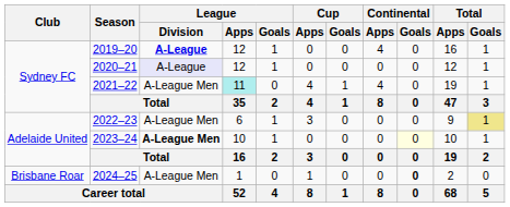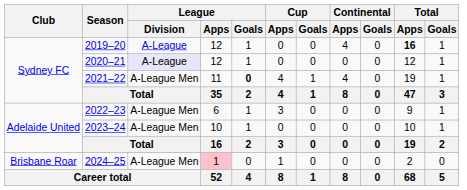 <table class="wikitable" border="1" style="font-size:100%; text-align: center;">
 <tr>
 <th rowspan="2">Club</th>
 <th rowspan="2">Season</th>
 <th colspan="3">League</th>
 <th colspan="2">Cup</th>
 <th colspan="2">Continental</th>
 <th colspan="2">Total</th>
 </tr>
 <tr>
 <th>Division</th>
 <th>Apps</th>
 <th>Goals</th>
 <th>Apps</th>
 <th>Goals</th>
 <th>Apps</th>
 <th>Goals</th>
 <th>Apps</th>
 <th>Goals</th>
 </tr>
 <tr>
 <td rowspan=4><a href='#'>Sydney FC</a></td>
 <td><a href='#'>2019–20</a></td>
-<td><strong><a href='#'>A-League</a></strong></td>
+<td><a href='#'>A-League</a></td>
 <td>12</td>
 <td>1</td>
 <td>0</td>
 <td>0</td>
 <td>4</td>
 <td>0</td>
-<td>16</td>
+<td><strong>16</strong></td>
 <td>1</td>
 </tr>
 <tr>
 <td><a href='#'>2020–21</a></td>
 <td style="background: lavender;">A-League</td>
 <td>12</td>
 <td>1</td>
 <td>0</td>
 <td>0</td>
 <td>0</td>
 <td>0</td>
 <td>12</td>
 <td>1</td>
 </tr>
 <tr>
 <td><a href='#'>2021–22</a></td>
 <td>A-League Men</td>
-<td style="background: paleturquoise;">11</td>
-<td>0</td>
+<td>11</td>
+<td><strong>0</strong></td>
 <td>4</td>
 <td>1</td>
 <td>4</td>
 <td>0</td>
 <td>19</td>
 <td>1</td>
 </tr>
 <tr>
 <th colspan=2>Total</th>
 <th>35</th>
 <th>2</th>
 <th>4</th>
 <th>1</th>
 <th>8</th>
 <th>0</th>
 <th>47</th>
 <th>3</th>
 </tr>
 <tr>
 <td rowspan=3><a href='#'>Adelaide United</a></td>
 <td><a href='#'>2022–23</a></td>
 <td>A-League Men</td>
 <td>6</td>
 <td>1</td>
 <td>3</td>
 <td>0</td>
 <td>0</td>
 <td>0</td>
 <td>9</td>
-<td style="background: khaki;">1</td>
+<td>1</td>
 </tr>
 <tr>
 <td><a href='#'>2023–24</a></td>
-<td><strong>A-League Men</strong></td>
+<td>A-League Men</td>
 <td>10</td>
 <td>1</td>
 <td>0</td>
 <td>0</td>
 <td>0</td>
-<td style="background: lightyellow;">0</td>
+<td>0</td>
 <td>10</td>
 <td>1</td>
 </tr>
 <tr>
 <th colspan=2>Total</th>
 <th>16</th>
 <th>2</th>
 <th>3</th>
 <th>0</th>
 <th>0</th>
 <th>0</th>
 <th>19</th>
 <th>2</th>
 </tr>
 <tr>
 <td rowspan=1><a href='#'>Brisbane Roar</a></td>
 <td><a href='#'>2024–25</a></td>
 <td>A-League Men</td>
-<td>1</td>
+<td style="background: pink;">1</td>
 <td>0</td>
 <td>1</td>
 <td>0</td>
 <td>0</td>
-<td><strong>0</strong></td>
+<td>0</td>
 <td>2</td>
 <td>0</td>
 </tr>
 <tr>
 <th colspan=3>Career total</th>
 <th>52</th>
 <th>4</th>
 <th>8</th>
 <th>1</th>
 <th>8</th>
 <th>0</th>
 <th>68</th>
 <th>5</th>
 </tr>
 </table>
